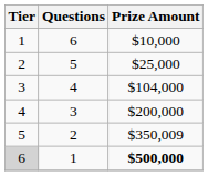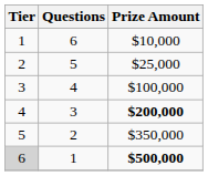 <table class="wikitable" style="text-align:center;" style="float:right">
 <tr>
 <th>Tier</th>
 <th>Questions</th>
 <th>Prize Amount</th>
 </tr>
 <tr>
 <td>1</td>
 <td>6</td>
 <td>$10,000</td>
 </tr>
 <tr>
 <td>2</td>
 <td>5</td>
 <td>$25,000</td>
 </tr>
 <tr>
 <td>3</td>
 <td>4</td>
-<td>$104,000</td>
+<td>$100,000</td>
 </tr>
 <tr>
 <td>4</td>
 <td>3</td>
-<td>$200,000</td>
+<td><strong>$200,000</strong></td>
 </tr>
 <tr>
 <td>5</td>
 <td>2</td>
-<td>$350,009</td>
+<td>$350,000</td>
 </tr>
 <tr>
 <td style="background: lightgrey;">6</td>
 <td>1</td>
 <td><strong>$500,000</strong></td>
 </tr>
 <tr>
 </tr>
 </table>
